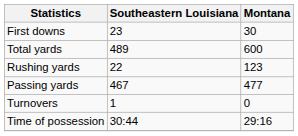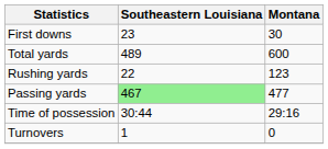 <table class="wikitable">
 <tr>
 <th>Statistics</th>
 <th>Southeastern Louisiana</th>
 <th>Montana</th>
 </tr>
 <tr>
 <td>First downs</td>
 <td>23</td>
 <td>30</td>
 </tr>
 <tr>
 <td>Total yards</td>
 <td>489</td>
 <td>600</td>
 </tr>
 <tr>
 <td>Rushing yards</td>
 <td>22</td>
 <td>123</td>
 </tr>
 <tr>
 <td>Passing yards</td>
-<td>467</td>
+<td style="background: lightgreen;">467</td>
 <td>477</td>
+</tr>
+<tr>
+<td>Time of possession</td>
+<td>30:44</td>
+<td>29:16</td>
 </tr>
 <tr>
 <td>Turnovers</td>
 <td>1</td>
 <td>0</td>
 </tr>
 <tr>
-<td>Time of possession</td>
-<td>30:44</td>
-<td>29:16</td>
-</tr>
-<tr>
 </tr>
 </table>
